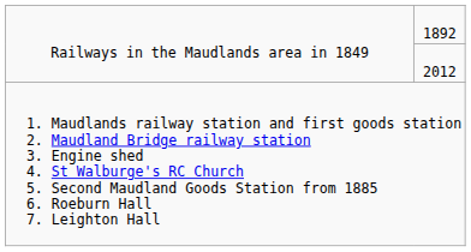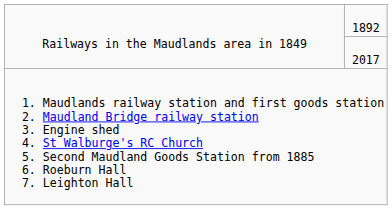 <table class="wikitable">
 <tr>
 <td rowspan="2" style="text-align: center"><br>Railways in the Maudlands area in 1849</td>
 <td style="text-align: center"><br>1892</td>
 </tr>
 <tr>
-<td style="text-align: center"><br>2012</td>
+<td style="text-align: center"><br>2017</td>
 </tr>
 <tr>
 <td colspan="2"><br><ol><li>Maudlands railway station and first goods station</li><li><a href='#'>Maudland Bridge railway station</a></li><li>Engine shed</li><li><a href='#'>St Walburge's RC Church</a></li><li>Second Maudland Goods Station from 1885</li><li>Roeburn Hall</li><li>Leighton Hall</li></ol></td>
 </tr>
 </table>
